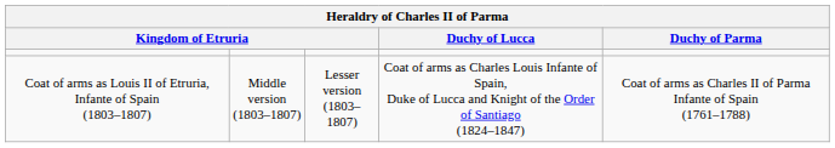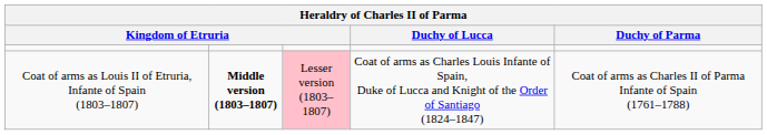 <table class="wikitable collapsible collapsed" style="text-align:center; margin:0.3em auto; font-size:88%; min-width:50%;">
 <tr>
 <th colspan="5">Heraldry of Charles II of Parma</th>
 </tr>
 <tr>
 <th colspan="3"><strong><a href='#'>Kingdom of Etruria</a></strong></th>
 <th colspan="1"><strong><a href='#'>Duchy of Lucca</a></strong></th>
 <th colspan="1"><strong><a href='#'>Duchy of Parma</a></strong></th>
 </tr>
 <tr>
 <td></td>
 <td></td>
 <td></td>
 <td></td>
 <td></td>
 </tr>
 <tr>
 <td>Coat of arms as Louis II of Etruria, Infante of Spain<br>(1803–1807)</td>
-<td>Middle version<br>(1803–1807)</td>
-<td>Lesser version<br>(1803–1807)</td>
+<td><strong>Middle version<br>(1803–1807)</strong></td>
+<td style="background: pink;">Lesser version<br>(1803–1807)</td>
 <td>Coat of arms as Charles Louis Infante of Spain,<br>Duke of Lucca and Knight of the <a href='#'>Order of Santiago</a><br>(1824–1847)</td>
 <td>Coat of arms as Charles II of Parma Infante of Spain<br>(1761–1788)</td>
 </tr>
 </table>
